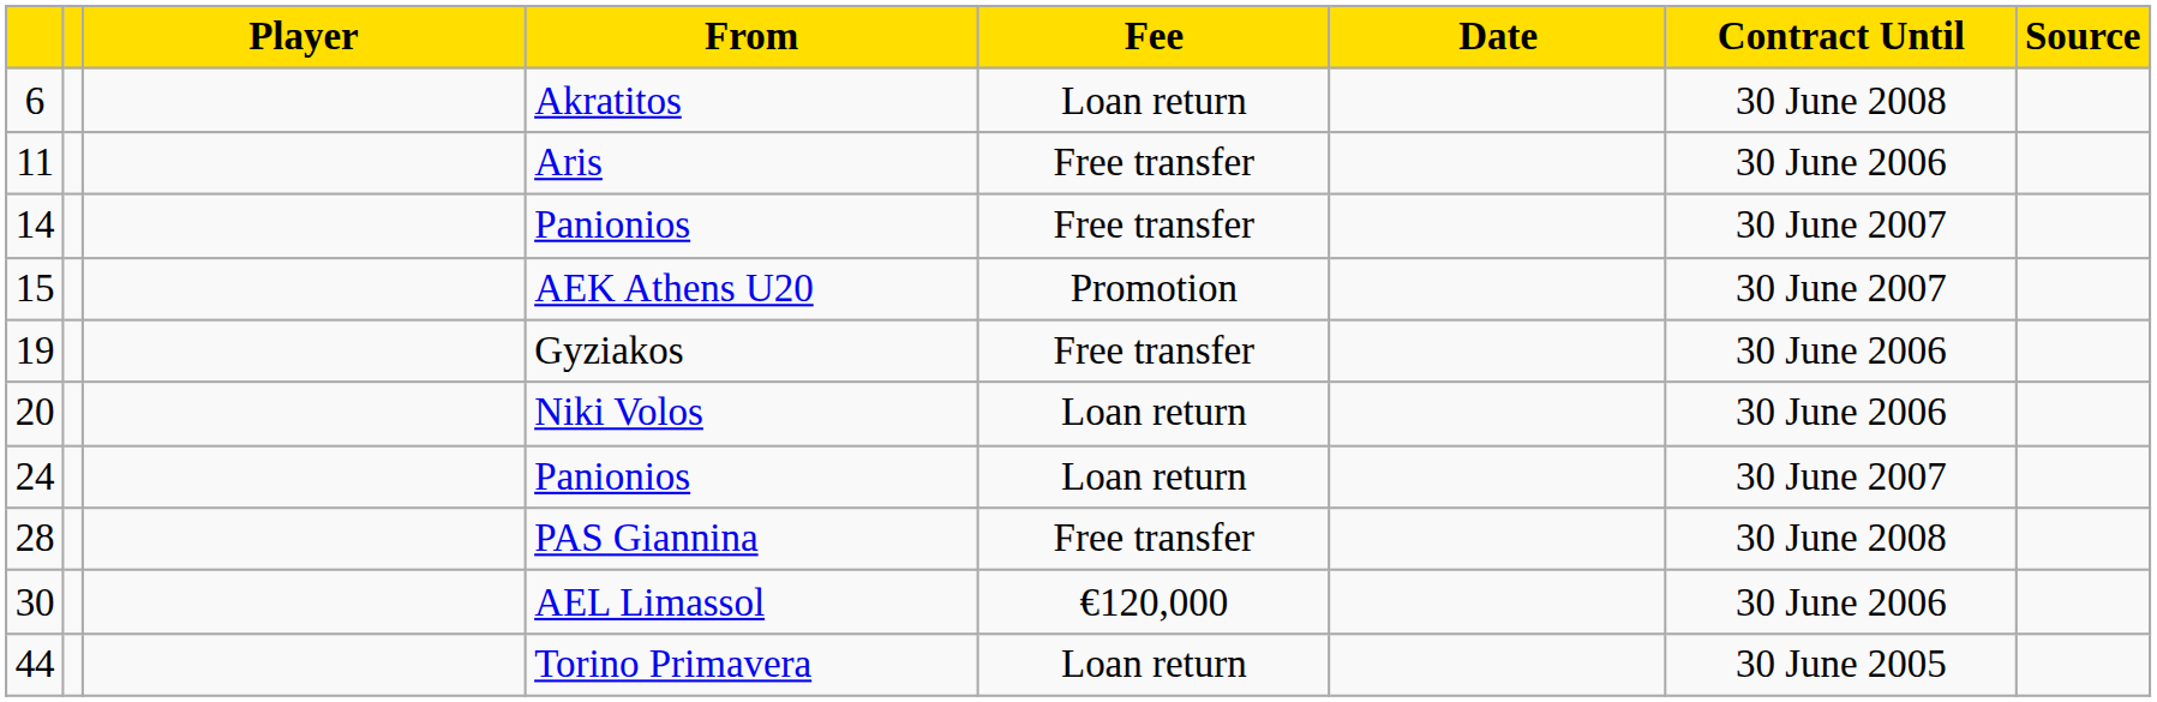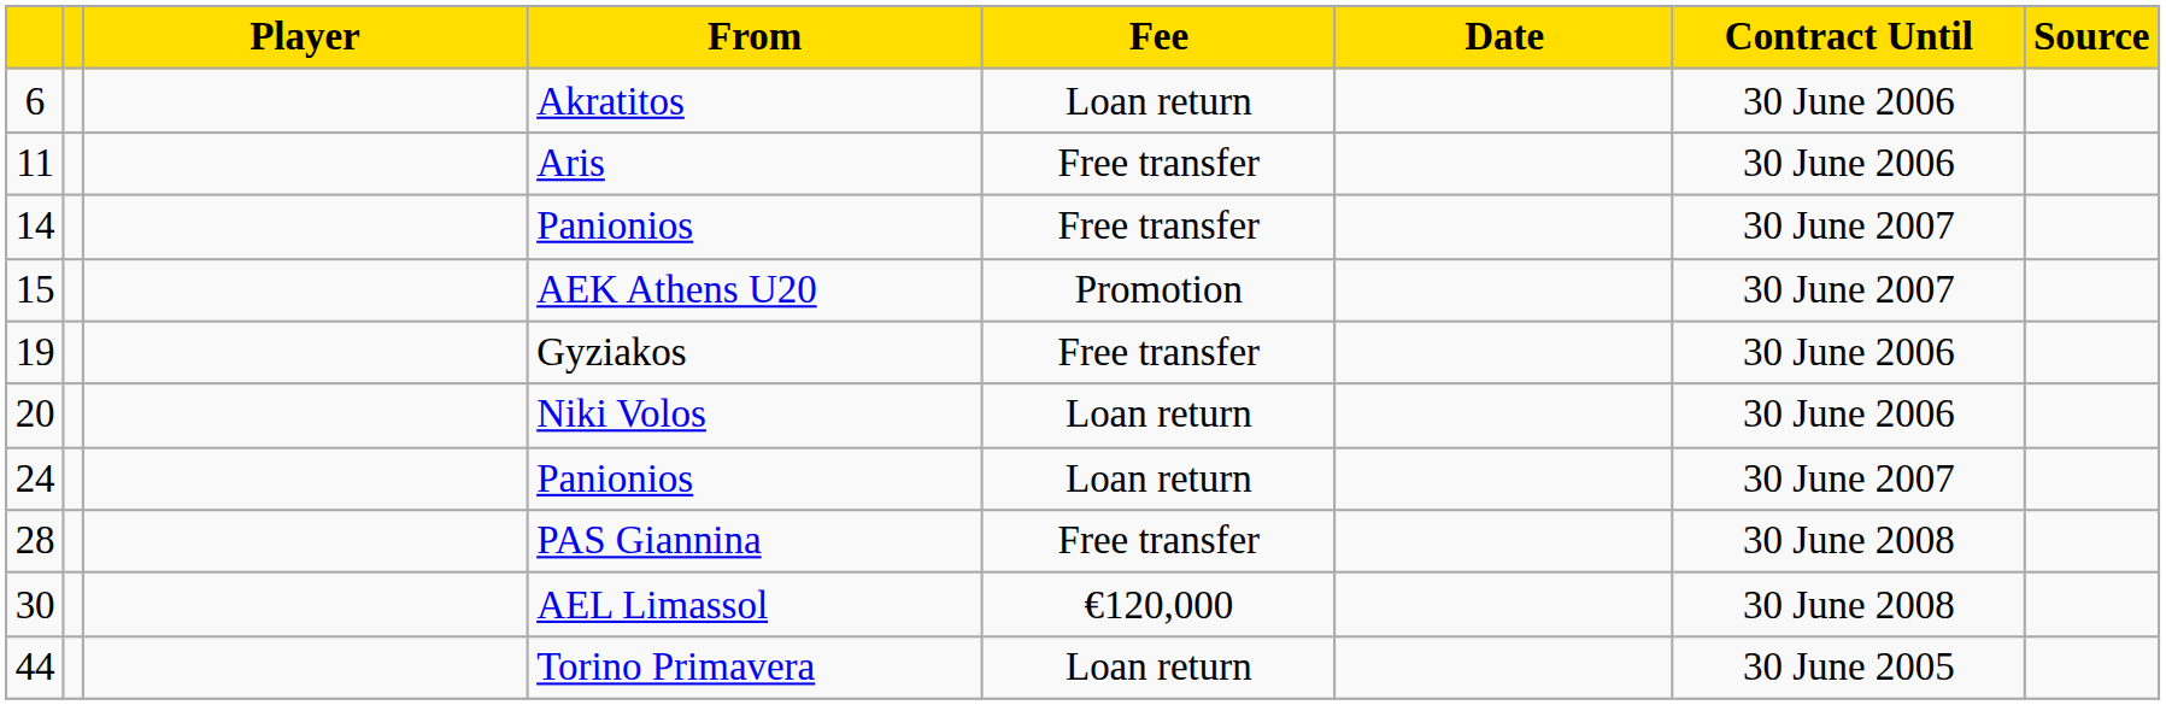 <table class="wikitable sortable">
 <tr>
 <th style="background:#FFDE00"></th>
 <th style="background:#FFDE00"></th>
 <th width=200 style="background:#FFDE00">Player</th>
 <th width=200 style="background:#FFDE00">From</th>
 <th width=150 style="background:#FFDE00">Fee</th>
 <th width=150 style="background:#FFDE00">Date</th>
 <th width=150 style="background:#FFDE00">Contract Until</th>
 <th style="background:#FFDE00">Source</th>
 </tr>
 <tr>
 <td align=center>6</td>
 <td align=center></td>
 <td></td>
 <td> <a href='#'>Akratitos</a></td>
 <td align=center>Loan return</td>
 <td align=center></td>
-<td align=center>30 June 2008</td>
+<td align=center>30 June 2006</td>
 <td align=center></td>
 </tr>
 <tr>
 <td align=center>11</td>
 <td align=center></td>
 <td></td>
 <td> <a href='#'>Aris</a></td>
 <td align=center>Free transfer</td>
 <td align=center></td>
 <td align=center>30 June 2006</td>
 <td align=center></td>
 </tr>
 <tr>
 <td align=center>14</td>
 <td align=center></td>
 <td></td>
 <td> <a href='#'>Panionios</a></td>
 <td align=center>Free transfer</td>
 <td align=center></td>
 <td align=center>30 June 2007</td>
 <td align=center></td>
 </tr>
 <tr>
 <td align=center>15</td>
 <td align=center></td>
 <td></td>
 <td> <a href='#'>AEK Athens U20</a></td>
 <td align=center>Promotion</td>
 <td align=center></td>
 <td align=center>30 June 2007</td>
 <td align=center></td>
 </tr>
 <tr>
 <td align=center>19</td>
 <td align=center></td>
 <td></td>
 <td> Gyziakos</td>
 <td align=center>Free transfer</td>
 <td align=center></td>
 <td align=center>30 June 2006</td>
 <td align=center></td>
 </tr>
 <tr>
 <td align=center>20</td>
 <td align=center></td>
 <td></td>
 <td> <a href='#'>Niki Volos</a></td>
 <td align=center>Loan return</td>
 <td align=center></td>
 <td align=center>30 June 2006</td>
 <td align=center></td>
 </tr>
 <tr>
 <td align=center>24</td>
 <td align=center></td>
 <td></td>
 <td> <a href='#'>Panionios</a></td>
 <td align=center>Loan return</td>
 <td align=center></td>
 <td align=center>30 June 2007</td>
 <td align=center></td>
 </tr>
 <tr>
 <td align=center>28</td>
 <td align=center></td>
 <td></td>
 <td> <a href='#'>PAS Giannina</a></td>
 <td align=center>Free transfer</td>
 <td align=center></td>
 <td align=center>30 June 2008</td>
 <td align=center></td>
 </tr>
 <tr>
 <td align=center>30</td>
 <td align=center></td>
 <td></td>
 <td> <a href='#'>AEL Limassol</a></td>
 <td align=center>€120,000</td>
 <td align=center></td>
-<td align=center>30 June 2006</td>
+<td align=center>30 June 2008</td>
 <td align=center></td>
 </tr>
 <tr>
 <td align=center>44</td>
 <td align=center></td>
 <td></td>
 <td> <a href='#'>Torino Primavera</a></td>
 <td align=center>Loan return</td>
 <td align=center></td>
 <td align=center>30 June 2005</td>
 <td align=center></td>
 </tr>
 </table>
